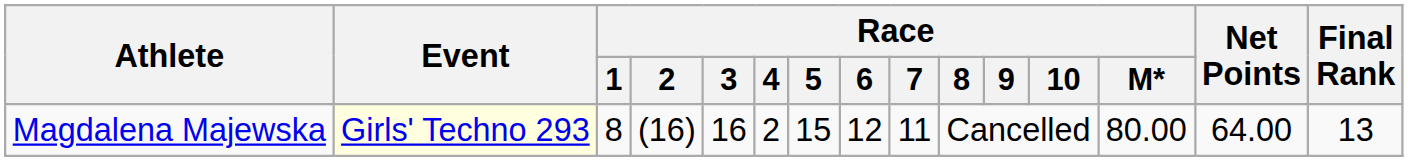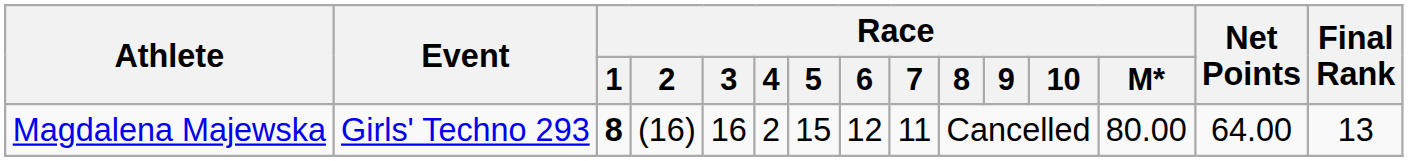 <table class="wikitable" style="font-size:90%">
 <tr>
 <th rowspan="2">Athlete</th>
 <th rowspan="2">Event</th>
 <th colspan=11>Race</th>
 <th rowspan=2>Net<br>Points</th>
 <th rowspan=2>Final <br>Rank</th>
 </tr>
 <tr style="font-size:95%">
 <th>1</th>
 <th>2</th>
 <th>3</th>
 <th>4</th>
 <th>5</th>
 <th>6</th>
 <th>7</th>
 <th>8</th>
 <th>9</th>
 <th>10</th>
 <th>M*</th>
 </tr>
 <tr align=center>
 <td align=left><a href='#'>Magdalena Majewska</a></td>
-<td align=left style="background: lightyellow;"><a href='#'>Girls' Techno 293</a></td>
-<td>8</td>
+<td align=left><a href='#'>Girls' Techno 293</a></td>
+<td><strong>8</strong></td>
 <td>(16)</td>
 <td>16</td>
 <td>2</td>
 <td>15</td>
 <td>12</td>
 <td>11</td>
 <td colspan=3>Cancelled</td>
 <td>80.00</td>
 <td>64.00</td>
 <td>13</td>
 </tr>
 </table>
